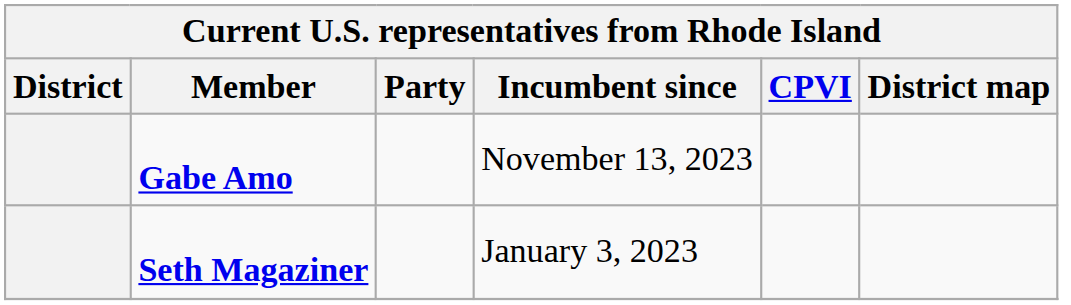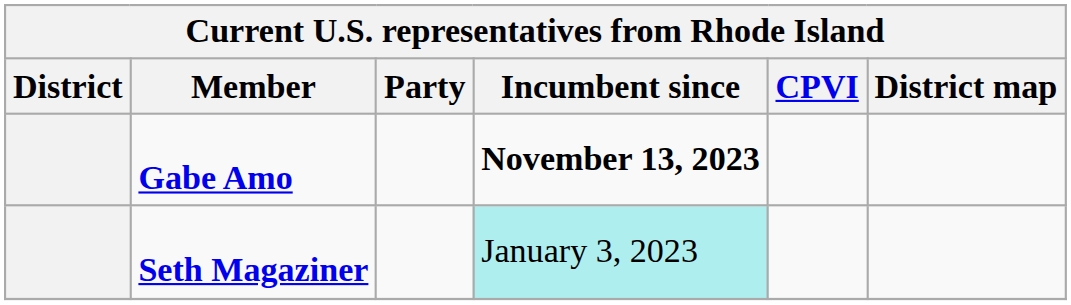 <table class="wikitable sortable">
 <tr>
 <th colspan=6>Current U.S. representatives from Rhode Island</th>
 </tr>
 <tr>
 <th>District</th>
 <th>Member<br></th>
 <th>Party</th>
 <th data-sort-type="date">Incumbent since</th>
 <th data-sort-type="number"><a href='#'>CPVI</a><br></th>
 <th class="unsortable">District map</th>
 </tr>
 <tr>
 <th></th>
 <td data-sort-value="Vacant"><br><strong><a href='#'>Gabe Amo</a></strong><br></td>
 <td></td>
-<td>November 13, 2023</td>
+<td><strong>November 13, 2023</strong></td>
 <td></td>
 <td></td>
 </tr>
 <tr>
 <th></th>
 <td data-sort-value="Magaziner, Seth"><br><strong><a href='#'>Seth Magaziner</a></strong><br></td>
 <td></td>
-<td>January 3, 2023</td>
+<td style="background: paleturquoise;">January 3, 2023</td>
 <td></td>
 <td></td>
 </tr>
 <tr>
 </tr>
 </table>
